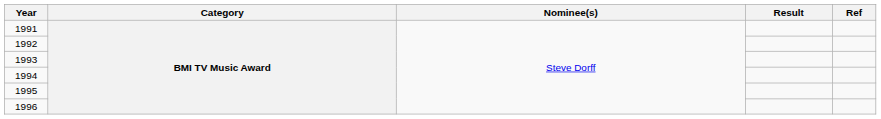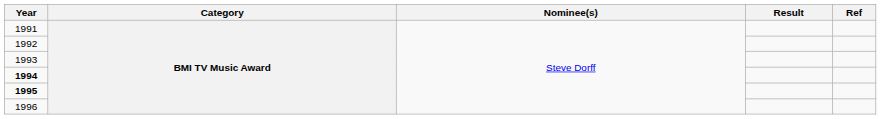 <table class="wikitable plainrowheaders" style="font-size: 90%; text-align:center" width=100%>
 <tr>
 <th scope="col" width="5%">Year</th>
 <th scope="col" width="40%">Category</th>
 <th scope="col" width="40%">Nominee(s)</th>
 <th scope="col" width="10%">Result</th>
 <th scope="col" width="5%">Ref</th>
 </tr>
 <tr>
 <td>1991</td>
 <th scope="row" style="text-align:center" rowspan="6">BMI TV Music Award</th>
 <td rowspan="6"><a href='#'>Steve Dorff</a></td>
 <td></td>
 <td></td>
 </tr>
 <tr>
 <td>1992</td>
 <td></td>
 <td></td>
 </tr>
 <tr>
 <td>1993</td>
 <td></td>
 <td></td>
 </tr>
 <tr>
-<td>1994</td>
+<td><strong>1994</strong></td>
 <td></td>
 <td></td>
 </tr>
 <tr>
-<td>1995</td>
+<td><strong>1995</strong></td>
 <td></td>
 <td></td>
 </tr>
 <tr>
 <td>1996</td>
 <td></td>
 <td></td>
 </tr>
 </table>
